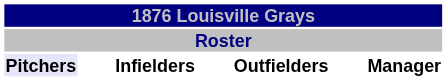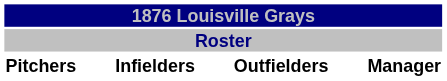 <table class="toccolours" style="font-size: 95%;">
 <tr>
 <th colspan="10" style="background-color: navy; color: #C0C0C0; text-align: center;">1876 Louisville Grays</th>
 </tr>
 <tr>
 <td colspan="10" style="background-color: #C0C0C0; color: navy; text-align: center;"><strong>Roster</strong></td>
 </tr>
 <tr>
-<td valign="top" style="background: lavender;"><strong>Pitchers</strong><br>  </td>
+<td valign="top"><strong>Pitchers</strong><br>  </td>
 <td width="25px"></td>
 <td valign="top"><strong>Infielders</strong><br>    </td>
 <td width="25px"></td>
 <td valign="top"><strong>Outfielders</strong><br>      </td>
 <td width="25px"></td>
 <td valign="top"><strong>Manager</strong><br></td>
 </tr>
 <tr>
 </tr>
 </table>
